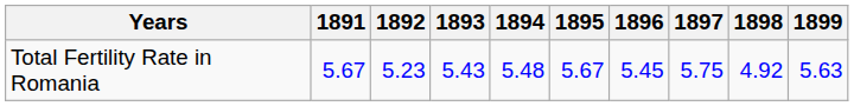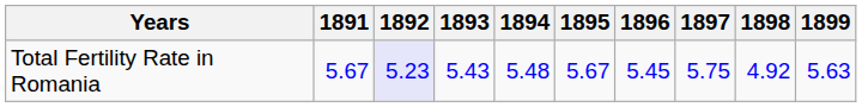 <table class="wikitable " style="text-align:right">
 <tr>
 <th>Years</th>
 <th>1891</th>
 <th>1892</th>
 <th>1893</th>
 <th>1894</th>
 <th>1895</th>
 <th>1896</th>
 <th>1897</th>
 <th>1898</th>
 <th>1899</th>
 </tr>
 <tr>
 <td align="left">Total Fertility Rate in Romania</td>
 <td style="text-align:right; color:blue;">5.67</td>
-<td style="text-align:right; color:blue;">5.23</td>
+<td style="background: lavender; text-align:right; color:blue;">5.23</td>
 <td style="text-align:right; color:blue;">5.43</td>
 <td style="text-align:right; color:blue;">5.48</td>
 <td style="text-align:right; color:blue;">5.67</td>
 <td style="text-align:right; color:blue;">5.45</td>
 <td style="text-align:right; color:blue;">5.75</td>
 <td style="text-align:right; color:blue;">4.92</td>
 <td style="text-align:right; color:blue;">5.63</td>
 </tr>
 </table>
